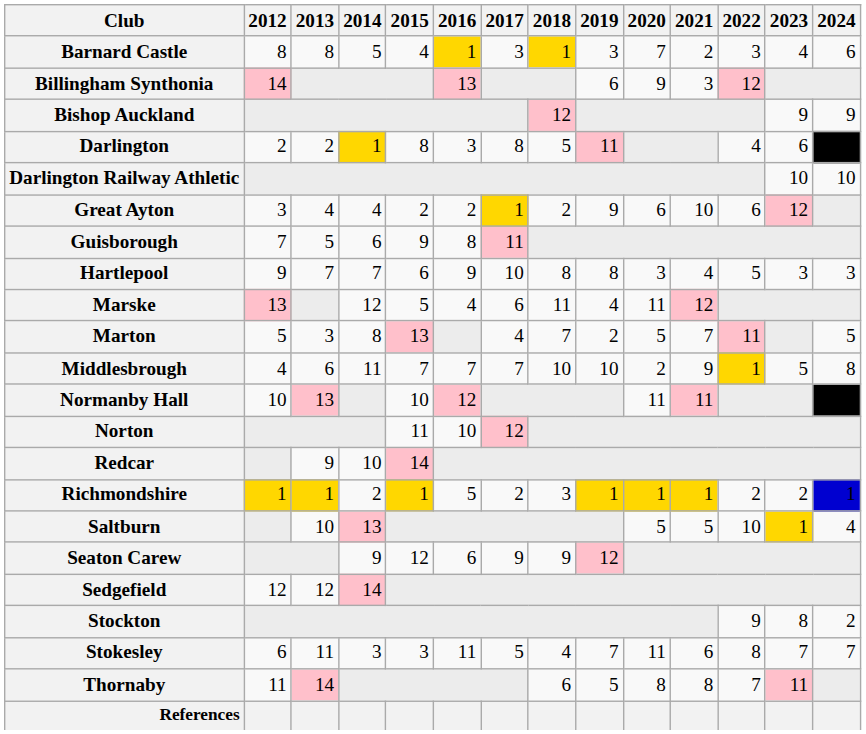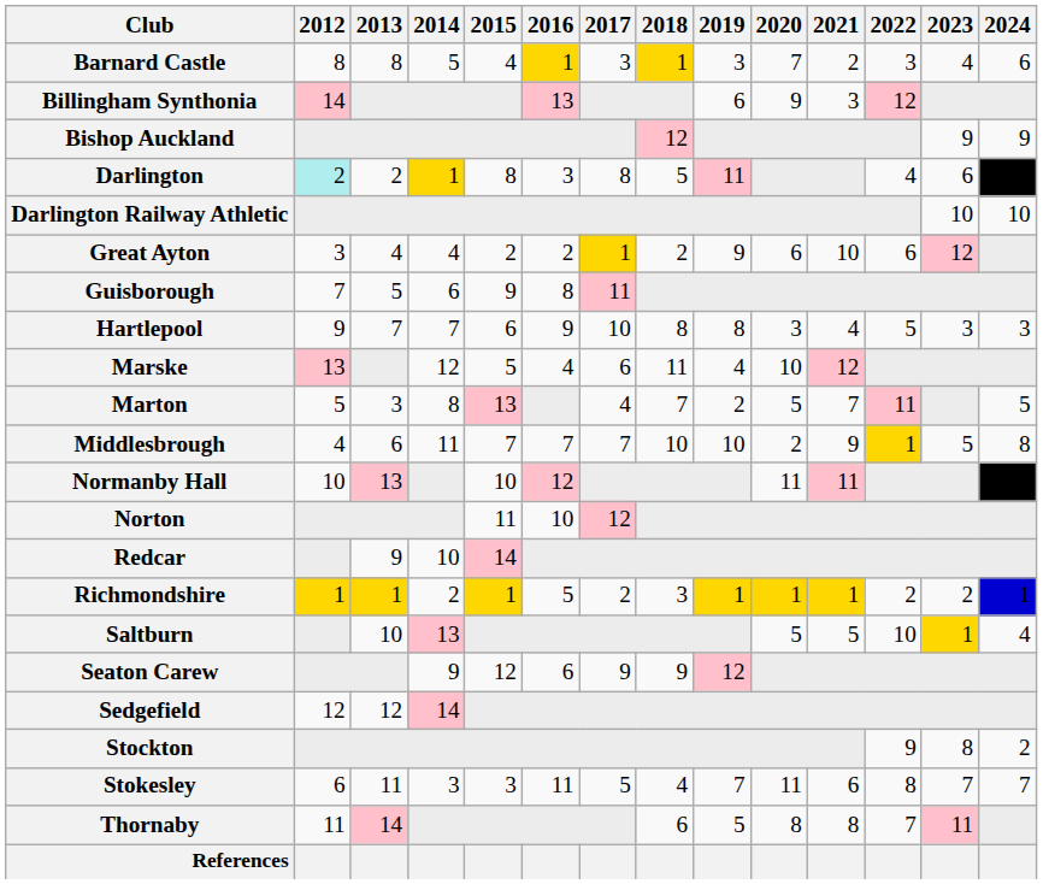 <table class="wikitable plainrowheaders" style="font-size:85%; text-align: right;">
 <tr>
 <th scope="col">Club</th>
 <th scope="col">2012</th>
 <th scope="col">2013</th>
 <th scope="col">2014</th>
 <th scope="col">2015</th>
 <th scope="col">2016</th>
 <th scope="col">2017</th>
 <th scope="col">2018</th>
 <th scope="col">2019</th>
 <th scope="col">2020</th>
 <th scope="col">2021</th>
 <th scope="col">2022</th>
 <th scope="col">2023</th>
 <th scope="col">2024</th>
 </tr>
 <tr>
 <th scope="row">Barnard Castle</th>
 <td>8</td>
 <td>8</td>
 <td>5</td>
 <td>4</td>
 <td bgcolor="gold">1</td>
 <td>3</td>
 <td bgcolor="gold">1</td>
 <td>3</td>
 <td>7</td>
 <td>2</td>
 <td>3</td>
 <td>4</td>
 <td>6</td>
 </tr>
 <tr>
 <th scope="row">Billingham Synthonia</th>
 <td bgcolor="pink">14</td>
 <td bgcolor="#ececec" colspan="3"></td>
 <td bgcolor="pink">13</td>
 <td bgcolor="#ececec" colspan="2"></td>
 <td>6</td>
 <td>9</td>
 <td>3</td>
 <td bgcolor="pink">12</td>
 <td bgcolor="#ececec" colspan="2"></td>
 </tr>
 <tr>
 <th scope="row">Bishop Auckland</th>
 <td bgcolor="#ececec" colspan="6"></td>
 <td bgcolor="pink">12</td>
 <td bgcolor="#ececec" colspan="4"></td>
 <td>9</td>
 <td>9</td>
 </tr>
 <tr>
 <th scope="row">Darlington</th>
-<td>2</td>
+<td style="background: paleturquoise;">2</td>
 <td>2</td>
 <td bgcolor="gold">1</td>
 <td>8</td>
 <td>3</td>
 <td>8</td>
 <td>5</td>
 <td bgcolor="pink">11</td>
 <td bgcolor="#ececec" colspan="2"></td>
 <td>4</td>
 <td>6</td>
 <td bgcolor=″pink″>11</td>
 </tr>
 <tr>
 <th scope="row">Darlington Railway Athletic</th>
 <td bgcolor="#ececec" colspan="11"></td>
 <td>10</td>
 <td>10</td>
 </tr>
 <tr>
 <th scope="row">Great Ayton</th>
 <td>3</td>
 <td>4</td>
 <td>4</td>
 <td>2</td>
 <td>2</td>
 <td bgcolor="gold">1</td>
 <td>2</td>
 <td>9</td>
 <td>6</td>
 <td>10</td>
 <td>6</td>
 <td bgcolor="pink">12</td>
 <td bgcolor="#ececec" colspan="1"></td>
 </tr>
 <tr>
 <th scope="row">Guisborough</th>
 <td>7</td>
 <td>5</td>
 <td>6</td>
 <td>9</td>
 <td>8</td>
 <td bgcolor="pink">11</td>
 <td bgcolor="#ececec" colspan="7"></td>
 </tr>
 <tr>
 <th scope="row">Hartlepool</th>
 <td>9</td>
 <td>7</td>
 <td>7</td>
 <td>6</td>
 <td>9</td>
 <td>10</td>
 <td>8</td>
 <td>8</td>
 <td>3</td>
 <td>4</td>
 <td>5</td>
 <td>3</td>
 <td>3</td>
 </tr>
 <tr>
 <th scope="row">Marske</th>
 <td bgcolor="pink">13</td>
 <td bgcolor="#ececec"></td>
 <td>12</td>
 <td>5</td>
 <td>4</td>
 <td>6</td>
 <td>11</td>
 <td>4</td>
-<td>11</td>
+<td>10</td>
 <td bgcolor="pink">12</td>
 <td bgcolor="#ececec" colspan="3"></td>
 </tr>
 <tr>
 <th scope="row">Marton</th>
 <td>5</td>
 <td>3</td>
 <td>8</td>
 <td bgcolor="pink">13</td>
 <td bgcolor="#ececec"></td>
 <td>4</td>
 <td>7</td>
 <td>2</td>
 <td>5</td>
 <td>7</td>
 <td bgcolor="pink">11</td>
 <td bgcolor="#ececec"></td>
 <td>5</td>
 </tr>
 <tr>
 <th scope="row">Middlesbrough</th>
 <td>4</td>
 <td>6</td>
 <td>11</td>
 <td>7</td>
 <td>7</td>
 <td>7</td>
 <td>10</td>
 <td>10</td>
 <td>2</td>
 <td>9</td>
 <td bgcolor="gold">1</td>
 <td>5</td>
 <td>8</td>
 </tr>
 <tr>
 <th scope="row">Normanby Hall</th>
 <td>10</td>
 <td bgcolor="pink">13</td>
 <td bgcolor="#ececec"></td>
 <td>10</td>
 <td bgcolor="pink">12</td>
 <td bgcolor="#ececec" colspan="3"></td>
 <td>11</td>
 <td bgcolor="pink">11</td>
 <td bgcolor="#ececec" colspan="2"></td>
 <td bgcolor=“pink”>12</td>
 </tr>
 <tr>
 <th scope="row">Norton</th>
 <td bgcolor="#ececec" colspan="3"></td>
 <td>11</td>
 <td>10</td>
 <td bgcolor="pink">12</td>
 <td bgcolor="#ececec" colspan="7"></td>
 </tr>
 <tr>
 <th scope="row">Redcar</th>
 <td bgcolor="#ececec"></td>
 <td>9</td>
 <td>10</td>
 <td bgcolor="pink">14</td>
 <td bgcolor="#ececec" colspan="9"></td>
 </tr>
 <tr>
 <th scope="row">Richmondshire</th>
 <td bgcolor="gold">1</td>
 <td bgcolor="gold">1</td>
 <td>2</td>
 <td bgcolor="gold">1</td>
 <td>5</td>
 <td>2</td>
 <td>3</td>
 <td bgcolor="gold">1</td>
 <td bgcolor="gold">1</td>
 <td bgcolor="gold">1</td>
 <td>2</td>
 <td>2</td>
 <td bgcolor=“gold”>1</td>
 </tr>
 <tr>
 <th scope="row">Saltburn</th>
 <td bgcolor="#ececec"></td>
 <td>10</td>
 <td bgcolor="pink">13</td>
 <td bgcolor="#ececec" colspan="5"></td>
 <td>5</td>
 <td>5</td>
 <td>10</td>
 <td bgcolor="gold">1</td>
 <td>4</td>
 </tr>
 <tr>
 <th scope="row">Seaton Carew</th>
 <td bgcolor="#ececec" colspan="2"></td>
 <td>9</td>
 <td>12</td>
 <td>6</td>
 <td>9</td>
 <td>9</td>
 <td bgcolor="pink">12</td>
 <td bgcolor="#ececec" colspan="5"></td>
 </tr>
 <tr>
 <th scope="row">Sedgefield</th>
 <td>12</td>
 <td>12</td>
 <td bgcolor="pink">14</td>
 <td bgcolor="#ececec" colspan="10"></td>
 </tr>
 <tr>
 <th scope="row">Stockton</th>
 <td bgcolor="#ececec" colspan="10"></td>
 <td>9</td>
 <td>8</td>
 <td>2</td>
 </tr>
 <tr>
 <th scope="row">Stokesley</th>
 <td>6</td>
 <td>11</td>
 <td>3</td>
 <td>3</td>
 <td>11</td>
 <td>5</td>
 <td>4</td>
 <td>7</td>
 <td>11</td>
 <td>6</td>
 <td>8</td>
 <td>7</td>
 <td>7</td>
 </tr>
 <tr>
 <th scope="row">Thornaby</th>
 <td>11</td>
 <td bgcolor="pink">14</td>
 <td bgcolor="#ececec" colspan="4"></td>
 <td>6</td>
 <td>5</td>
 <td>8</td>
 <td>8</td>
 <td>7</td>
 <td bgcolor="pink">11</td>
 <td bgcolor="#ececec" colspan="3"></td>
 </tr>
 <tr style="font-size:90%; text-align:center">
 <th scope="row" style="text-align: right">References</th>
 <th scope="col"></th>
 <th scope="col"></th>
 <th scope="col"></th>
 <th scope="col"></th>
 <th scope="col"></th>
 <th scope="col"></th>
 <th scope="col"></th>
 <th scope="col"></th>
 <th scope="col"></th>
 <th scope="col"></th>
 <th scope="col"></th>
 <th scope="col"></th>
 <th scope="col"></th>
 </tr>
 </table>
